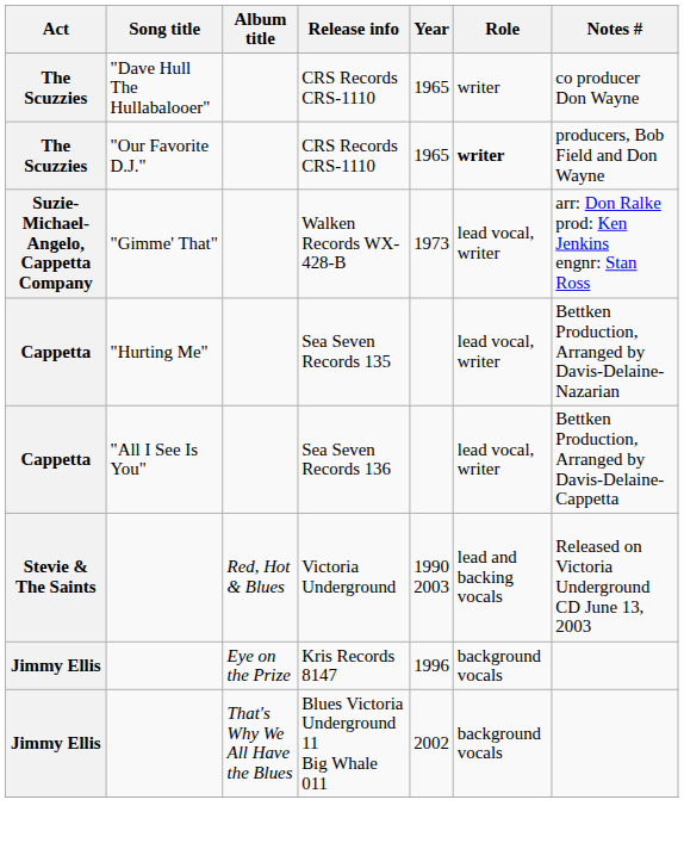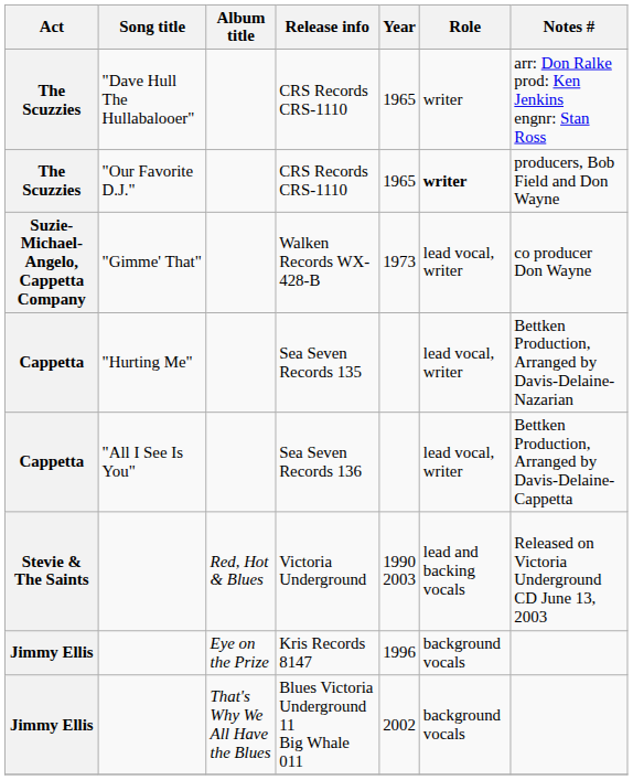 <table class="wikitable plainrowheaders sortable">
 <tr>
 <th scope="col">Act</th>
 <th scope="col">Song title</th>
 <th scope="col">Album title</th>
 <th scope="col">Release info</th>
 <th scope="col">Year</th>
 <th scope="col">Role</th>
 <th scope="col" class="unsortable">Notes #</th>
 </tr>
 <tr>
 <th scope="row">The Scuzzies</th>
 <td>"Dave Hull The Hullabalooer"</td>
 <td></td>
 <td>CRS Records CRS-1110</td>
 <td>1965</td>
 <td>writer</td>
-<td> co producer Don Wayne</td>
+<td>arr: <a href='#'>Don Ralke</a><br>prod: <a href='#'>Ken Jenkins</a><br>engnr: <a href='#'>Stan Ross</a></td>
 </tr>
 <tr>
 <th scope="row">The Scuzzies</th>
 <td>"Our Favorite D.J."</td>
 <td></td>
 <td>CRS Records CRS-1110</td>
 <td>1965</td>
 <td><strong>writer</strong></td>
 <td>producers, Bob Field and Don Wayne</td>
 </tr>
 <tr>
 <th scope="row">Suzie-Michael-Angelo, Cappetta Company</th>
 <td>"Gimme' That"</td>
 <td></td>
 <td>Walken Records WX-428-B</td>
 <td>1973</td>
 <td>lead vocal, writer</td>
-<td>arr: <a href='#'>Don Ralke</a><br>prod: <a href='#'>Ken Jenkins</a><br>engnr: <a href='#'>Stan Ross</a></td>
+<td> co producer Don Wayne</td>
 </tr>
 <tr>
 <th scope="row">Cappetta</th>
 <td>"Hurting Me"</td>
 <td></td>
 <td>Sea Seven Records 135</td>
 <td></td>
 <td>lead vocal, writer</td>
 <td>Bettken Production, Arranged by Davis-Delaine-Nazarian</td>
 </tr>
 <tr>
 <th scope="row">Cappetta</th>
 <td>"All I See Is You"</td>
 <td></td>
 <td>Sea Seven Records 136</td>
 <td></td>
 <td>lead vocal, writer</td>
 <td>Bettken Production, Arranged by Davis-Delaine-Cappetta</td>
 </tr>
 <tr>
 <th scope="row">Stevie & The Saints</th>
 <td></td>
 <td><em>Red, Hot & Blues</em></td>
 <td>Victoria Underground</td>
 <td>1990<br>2003</td>
 <td>lead and backing vocals</td>
 <td><br>Released on Victoria Underground CD June 13, 2003</td>
 </tr>
 <tr>
 <th scope="row">Jimmy Ellis</th>
 <td></td>
 <td><em>Eye on the Prize</em></td>
 <td>Kris Records 8147</td>
 <td>1996</td>
 <td>background vocals</td>
 <td></td>
 </tr>
 <tr>
 <th scope="row">Jimmy Ellis</th>
 <td></td>
 <td><em>That's Why We All Have the Blues</em></td>
 <td>Blues  Victoria Underground 11<br>  Big Whale 011</td>
 <td>2002</td>
 <td>background vocals</td>
 <td></td>
 </tr>
 <tr>
 </tr>
 </table>
